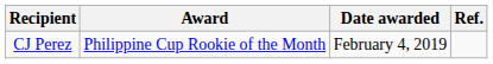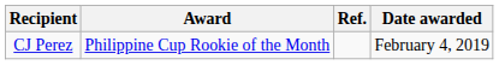 <table class="wikitable sortable sortable" style="text-align: center">
 <tr>
 <th>Recipient</th>
 <th>Award</th>
+<th>Ref.</th>
 <th>Date awarded</th>
-<th>Ref.</th>
 </tr>
 <tr>
 <td><a href='#'>CJ Perez</a></td>
 <td><a href='#'>Philippine Cup Rookie of the Month</a></td>
+<td></td>
 <td>February 4, 2019</td>
-<td></td>
 </tr>
 </table>
